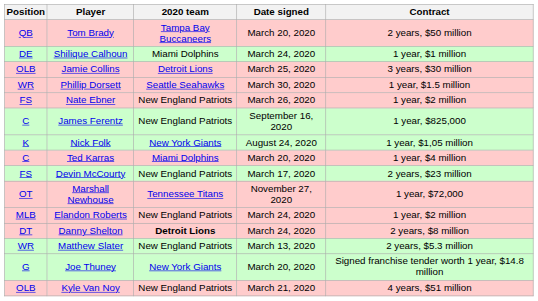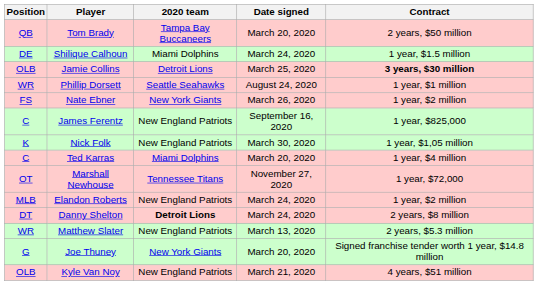 <table class="wikitable" style="text-align:center">
 <tr>
 <th>Position</th>
 <th>Player</th>
 <th>2020 team</th>
 <th>Date signed</th>
 <th>Contract</th>
 </tr>
 <tr style="background:#fcc">
 <td><a href='#'>QB</a></td>
 <td><a href='#'>Tom Brady</a></td>
 <td><a href='#'>Tampa Bay Buccaneers</a></td>
 <td>March 20, 2020</td>
 <td>2 years, $50 million</td>
 </tr>
 <tr style="background:#cfc">
 <td><a href='#'>DE</a></td>
 <td><a href='#'>Shilique Calhoun</a></td>
 <td>Miami Dolphins</td>
 <td>March 24, 2020</td>
-<td>1 year, $1 million</td>
+<td>1 year, $1.5 million</td>
 </tr>
 <tr style="background:#fcc">
 <td><a href='#'>OLB</a></td>
 <td><a href='#'>Jamie Collins</a></td>
 <td><a href='#'>Detroit Lions</a></td>
 <td>March 25, 2020</td>
-<td>3 years, $30 million</td>
+<td><strong>3 years, $30 million</strong></td>
 </tr>
 <tr style="background:#fcc">
 <td><a href='#'>WR</a></td>
 <td><a href='#'>Phillip Dorsett</a></td>
 <td><a href='#'>Seattle Seahawks</a></td>
-<td>March 30, 2020</td>
-<td>1 year, $1.5 million</td>
+<td>August 24, 2020</td>
+<td>1 year, $1 million</td>
 </tr>
 <tr style="background:#fcc">
 <td><a href='#'>FS</a></td>
 <td><a href='#'>Nate Ebner</a></td>
-<td>New England Patriots</td>
+<td><a href='#'>New York Giants</a></td>
 <td>March 26, 2020</td>
 <td>1 year, $2 million</td>
 </tr>
 <tr style="background:#cfc"->
 <td><a href='#'>C</a></td>
 <td><a href='#'>James Ferentz</a></td>
 <td>New England Patriots</td>
 <td>September 16, 2020</td>
 <td>1 year, $825,000</td>
 </tr>
 <tr style="background:#cfc">
 <td><a href='#'>K</a></td>
 <td><a href='#'>Nick Folk</a></td>
-<td><a href='#'>New York Giants</a></td>
-<td>August 24, 2020</td>
+<td>New England Patriots</td>
+<td>March 30, 2020</td>
 <td>1 year, $1,05 million</td>
 </tr>
 <tr style="background:#fcc">
 <td><a href='#'>C</a></td>
 <td><a href='#'>Ted Karras</a></td>
 <td><a href='#'>Miami Dolphins</a></td>
 <td>March 20, 2020</td>
 <td>1 year, $4 million</td>
-</tr>
-<tr style="background:#cfc">
-<td><a href='#'>FS</a></td>
-<td><a href='#'>Devin McCourty</a></td>
-<td>New England Patriots</td>
-<td>March 17, 2020</td>
-<td>2 years, $23 million</td>
 </tr>
 <tr style="background:#fcc">
 <td><a href='#'>OT</a></td>
 <td><a href='#'>Marshall Newhouse</a></td>
 <td><a href='#'>Tennessee Titans</a></td>
 <td>November 27, 2020</td>
 <td>1 year, $72,000</td>
 </tr>
 <tr style="background:#fcc">
 <td><a href='#'>MLB</a></td>
 <td><a href='#'>Elandon Roberts</a></td>
 <td>New England Patriots</td>
 <td>March 24, 2020</td>
 <td>1 year, $2 million</td>
 </tr>
 <tr style="background:#fcc">
 <td><a href='#'>DT</a></td>
 <td><a href='#'>Danny Shelton</a></td>
 <td><strong>Detroit Lions</strong></td>
 <td>March 24, 2020</td>
 <td>2 years, $8 million</td>
 </tr>
 <tr style="background:#cfc">
 <td><a href='#'>WR</a></td>
 <td><a href='#'>Matthew Slater</a></td>
 <td>New England Patriots</td>
 <td>March 13, 2020</td>
 <td>2 years, $5.3 million</td>
 </tr>
 <tr style="background:#cfc">
 <td><a href='#'>G</a></td>
 <td><a href='#'>Joe Thuney</a></td>
 <td><a href='#'>New York Giants</a></td>
 <td>March 20, 2020</td>
 <td>Signed franchise tender worth 1 year, $14.8 million</td>
 </tr>
 <tr style="background:#fcc">
 <td><a href='#'>OLB</a></td>
 <td><a href='#'>Kyle Van Noy</a></td>
 <td>New England Patriots</td>
 <td>March 21, 2020</td>
 <td>4 years, $51 million</td>
 </tr>
 </table>
